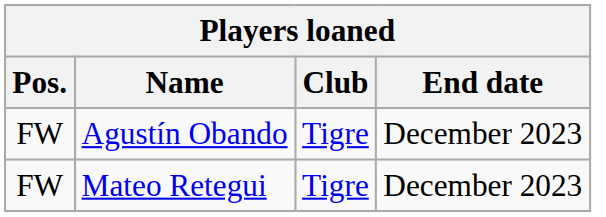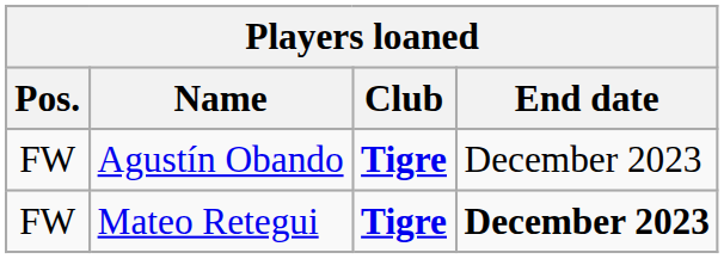 <table class="wikitable" style="font-size:95%;">
 <tr>
 <th colspan="6">Players loaned</th>
 </tr>
 <tr>
 <th>Pos.</th>
 <th>Name</th>
 <th>Club</th>
 <th>End date</th>
 </tr>
 <tr>
 <td align="center">FW</td>
 <td> <a href='#'>Agustín Obando</a></td>
-<td> <a href='#'>Tigre</a></td>
+<td><strong> <a href='#'>Tigre</a></strong></td>
 <td>December 2023</td>
 </tr>
 <tr>
 <td align="center">FW</td>
 <td> <a href='#'>Mateo Retegui</a></td>
-<td> <a href='#'>Tigre</a></td>
-<td>December 2023</td>
+<td><strong> <a href='#'>Tigre</a></strong></td>
+<td><strong>December 2023</strong></td>
 </tr>
 </table>
